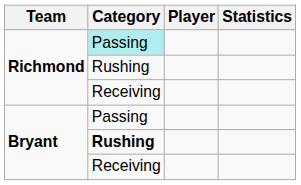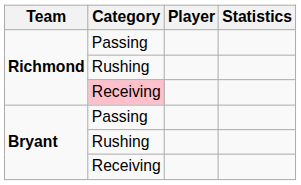 <table class="wikitable" style="float: right;">
 <tr>
 <th>Team</th>
 <th>Category</th>
 <th>Player</th>
 <th>Statistics</th>
 </tr>
 <tr>
 <td rowspan=3><strong>Richmond</strong></td>
-<td style="background: paleturquoise;">Passing</td>
+<td>Passing</td>
+<td></td>
+<td></td>
+</tr>
+<tr>
+<td>Rushing</td>
+<td></td>
+<td></td>
+</tr>
+<tr>
+<td style="background: pink;">Receiving</td>
+<td></td>
+<td></td>
+</tr>
+<tr>
+<td rowspan=3><strong>Bryant</strong></td>
+<td>Passing</td>
 <td></td>
 <td></td>
 </tr>
 <tr>
 <td>Rushing</td>
 <td></td>
 <td></td>
 </tr>
 <tr>
 <td>Receiving</td>
 <td></td>
 <td></td>
 </tr>
-<tr>
-<td rowspan=3><strong>Bryant</strong></td>
-<td>Passing</td>
-<td></td>
-<td></td>
-</tr>
-<tr>
-<td><strong>Rushing</strong></td>
-<td></td>
-<td></td>
-</tr>
-<tr>
-<td>Receiving</td>
-<td></td>
-<td></td>
-</tr>
 </table>
